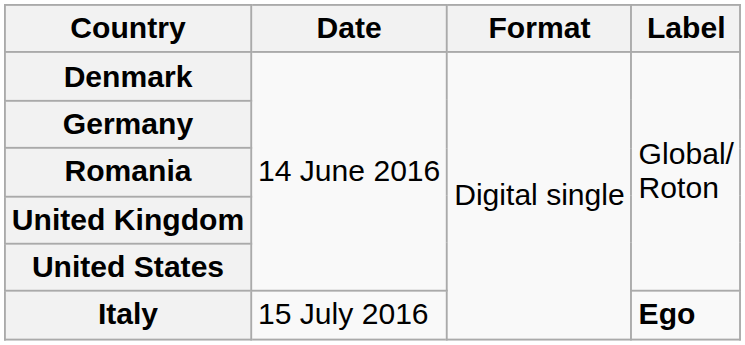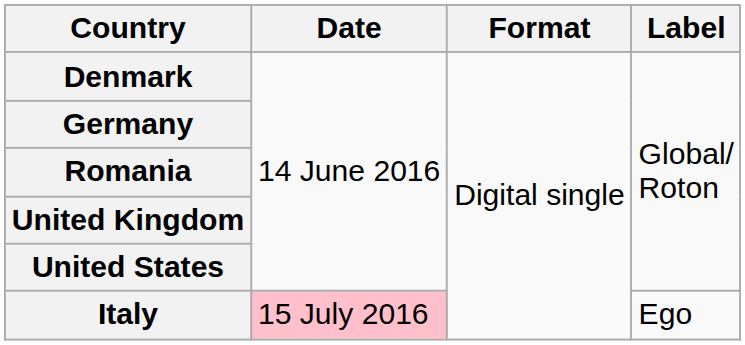 <table class="wikitable plainrowheaders">
 <tr>
 <th>Country</th>
 <th>Date</th>
 <th>Format</th>
 <th>Label</th>
 </tr>
 <tr>
 <th scope="row">Denmark</th>
 <td rowspan="5">14 June 2016</td>
 <td rowspan="6">Digital single</td>
 <td rowspan="5">Global/<br>Roton</td>
 </tr>
 <tr>
 <th scope="row">Germany</th>
 </tr>
 <tr>
 <th scope="row">Romania</th>
 </tr>
 <tr>
 <th scope="row">United Kingdom</th>
 </tr>
 <tr>
 <th scope="row">United States</th>
 </tr>
 <tr>
 <th scope="row">Italy</th>
-<td>15 July 2016</td>
-<td><strong>Ego</strong></td>
+<td style="background: pink;">15 July 2016</td>
+<td>Ego</td>
 </tr>
 </table>
